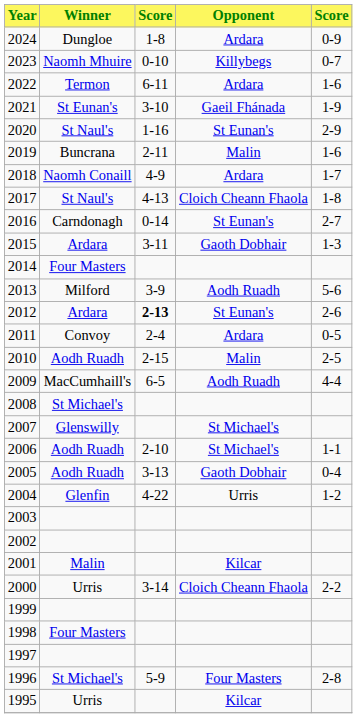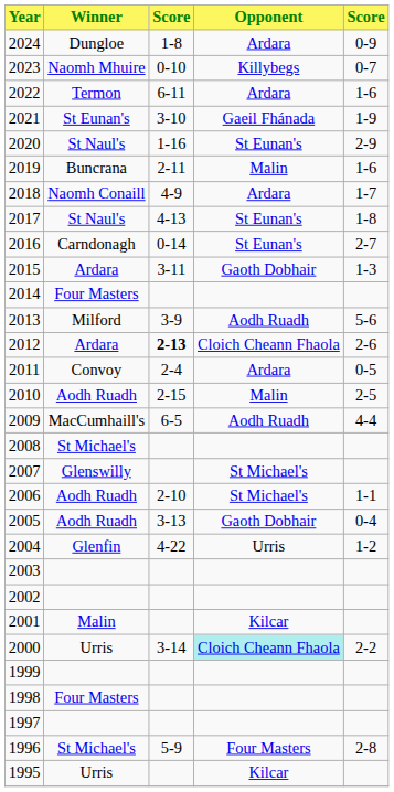 <table class="wikitable" style="text-align:center;">
 <tr>
 <th style="background:#FCF75E;color:green;">Year</th>
 <th style="background:#FCF75E;color:green;">Winner</th>
 <th style="background:#FCF75E;color:green;">Score</th>
 <th style="background:#FCF75E;color:green;">Opponent</th>
 <th style="background:#FCF75E;color:green;">Score</th>
 </tr>
 <tr>
 <td>2024</td>
 <td>Dungloe</td>
 <td>1-8</td>
 <td><a href='#'>Ardara</a></td>
 <td>0-9</td>
 </tr>
 <tr>
 <td>2023</td>
 <td><a href='#'>Naomh Mhuire</a></td>
 <td>0-10</td>
 <td><a href='#'>Killybegs</a></td>
 <td>0-7</td>
 </tr>
 <tr>
 <td>2022</td>
 <td><a href='#'>Termon</a></td>
 <td>6-11</td>
 <td><a href='#'>Ardara</a></td>
 <td>1-6</td>
 </tr>
 <tr>
 <td>2021</td>
 <td><a href='#'>St Eunan's</a></td>
 <td>3-10</td>
 <td><a href='#'>Gaeil Fhánada</a></td>
 <td>1-9</td>
 </tr>
 <tr>
 <td>2020</td>
 <td><a href='#'>St Naul's</a></td>
 <td>1-16</td>
 <td><a href='#'>St Eunan's</a></td>
 <td>2-9</td>
 </tr>
 <tr>
 <td>2019</td>
 <td>Buncrana</td>
 <td>2-11</td>
 <td><a href='#'>Malin</a></td>
 <td>1-6</td>
 </tr>
 <tr>
 <td>2018</td>
 <td><a href='#'>Naomh Conaill</a></td>
 <td>4-9</td>
 <td><a href='#'>Ardara</a></td>
 <td>1-7</td>
 </tr>
 <tr>
 <td>2017</td>
 <td><a href='#'>St Naul's</a></td>
 <td>4-13</td>
-<td><a href='#'>Cloich Cheann Fhaola</a></td>
+<td><a href='#'>St Eunan's</a></td>
 <td>1-8</td>
 </tr>
 <tr>
 <td>2016</td>
 <td>Carndonagh</td>
 <td>0-14</td>
 <td><a href='#'>St Eunan's</a></td>
 <td>2-7</td>
 </tr>
 <tr>
 <td>2015</td>
 <td><a href='#'>Ardara</a></td>
 <td>3-11</td>
 <td><a href='#'>Gaoth Dobhair</a></td>
 <td>1-3</td>
 </tr>
 <tr>
 <td>2014</td>
 <td><a href='#'>Four Masters</a></td>
 <td></td>
 <td></td>
 <td></td>
 </tr>
 <tr>
 <td>2013</td>
 <td>Milford</td>
 <td>3-9</td>
 <td><a href='#'>Aodh Ruadh</a></td>
 <td>5-6</td>
 </tr>
 <tr>
 <td>2012</td>
 <td><a href='#'>Ardara</a></td>
 <td><strong>2-13</strong></td>
-<td><a href='#'>St Eunan's</a></td>
+<td><a href='#'>Cloich Cheann Fhaola</a></td>
 <td>2-6</td>
 </tr>
 <tr>
 <td>2011</td>
 <td>Convoy</td>
 <td>2-4</td>
 <td><a href='#'>Ardara</a></td>
 <td>0-5</td>
 </tr>
 <tr>
 <td>2010</td>
 <td><a href='#'>Aodh Ruadh</a></td>
 <td>2-15</td>
 <td><a href='#'>Malin</a></td>
 <td>2-5</td>
 </tr>
 <tr>
 <td>2009</td>
 <td>MacCumhaill's</td>
 <td>6-5</td>
 <td><a href='#'>Aodh Ruadh</a></td>
 <td>4-4</td>
 </tr>
 <tr>
 <td>2008</td>
 <td><a href='#'>St Michael's</a></td>
 <td></td>
 <td></td>
 <td></td>
 </tr>
 <tr>
 <td>2007</td>
 <td><a href='#'>Glenswilly</a></td>
 <td></td>
 <td><a href='#'>St Michael's</a></td>
 <td></td>
 </tr>
 <tr>
 <td>2006</td>
 <td><a href='#'>Aodh Ruadh</a></td>
 <td>2-10</td>
 <td><a href='#'>St Michael's</a></td>
 <td>1-1</td>
 </tr>
 <tr>
 <td>2005</td>
 <td><a href='#'>Aodh Ruadh</a></td>
 <td>3-13</td>
 <td><a href='#'>Gaoth Dobhair</a></td>
 <td>0-4</td>
 </tr>
 <tr>
 <td>2004</td>
 <td><a href='#'>Glenfin</a></td>
 <td>4-22</td>
 <td>Urris</td>
 <td>1-2</td>
 </tr>
 <tr>
 <td>2003</td>
 <td></td>
 <td></td>
 <td></td>
 <td></td>
 </tr>
 <tr>
 <td>2002</td>
 <td></td>
 <td></td>
 <td></td>
 <td></td>
 </tr>
 <tr>
 <td>2001</td>
 <td><a href='#'>Malin</a></td>
 <td></td>
 <td><a href='#'>Kilcar</a></td>
 <td></td>
 </tr>
 <tr>
 <td>2000</td>
 <td>Urris</td>
 <td>3-14</td>
-<td><a href='#'>Cloich Cheann Fhaola</a></td>
+<td style="background: paleturquoise;"><a href='#'>Cloich Cheann Fhaola</a></td>
 <td>2-2</td>
 </tr>
 <tr>
 <td>1999</td>
 <td></td>
 <td></td>
 <td></td>
 <td></td>
 </tr>
 <tr>
 <td>1998</td>
 <td><a href='#'>Four Masters</a></td>
 <td></td>
 <td></td>
 <td></td>
 </tr>
 <tr>
 <td>1997</td>
 <td></td>
 <td></td>
 <td></td>
 <td></td>
 </tr>
 <tr>
 <td>1996</td>
 <td><a href='#'>St Michael's</a></td>
 <td>5-9</td>
 <td><a href='#'>Four Masters</a></td>
 <td>2-8</td>
 </tr>
 <tr>
 <td>1995</td>
 <td>Urris</td>
 <td></td>
 <td><a href='#'>Kilcar</a></td>
 <td></td>
 </tr>
 <tr>
 </tr>
 </table>
